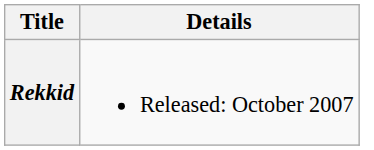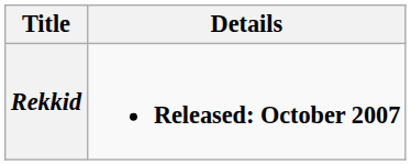 <table class="wikitable plainrowheaders" style="text-align:center;" border="1">
 <tr>
 <th>Title</th>
 <th>Details</th>
 </tr>
 <tr>
 <th scope="row"><em>Rekkid</em></th>
-<td><br><ul><li>Released: October 2007</li></ul></td>
+<td><strong><br><ul><li>Released: October 2007</li></ul></strong></td>
 </tr>
 </table>
